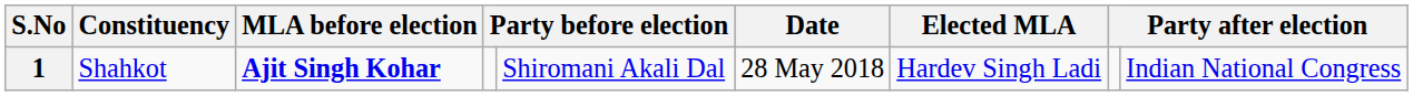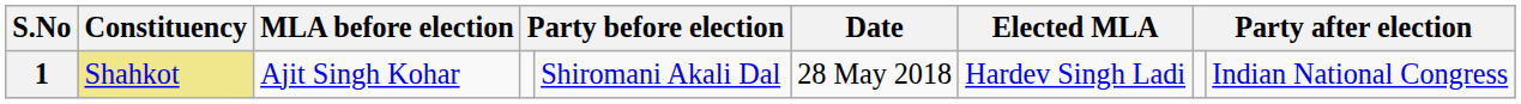 <table class="wikitable sortable">
 <tr>
 <th>S.No</th>
 <th>Constituency</th>
 <th>MLA before election</th>
 <th colspan="2">Party before election</th>
 <th>Date</th>
 <th>Elected MLA</th>
 <th colspan="2">Party after election</th>
 </tr>
 <tr>
 <th>1</th>
-<td><a href='#'>Shahkot</a></td>
-<td><strong><a href='#'>Ajit Singh Kohar</a></strong></td>
+<td style="background: khaki;"><a href='#'>Shahkot</a></td>
+<td><a href='#'>Ajit Singh Kohar</a></td>
 <td style="background-color: "></td>
 <td><a href='#'>Shiromani Akali Dal</a></td>
 <td>28 May 2018</td>
 <td><a href='#'>Hardev Singh Ladi</a></td>
 <td style="background-color: "></td>
 <td><a href='#'>Indian National Congress</a></td>
 </tr>
 </table>
